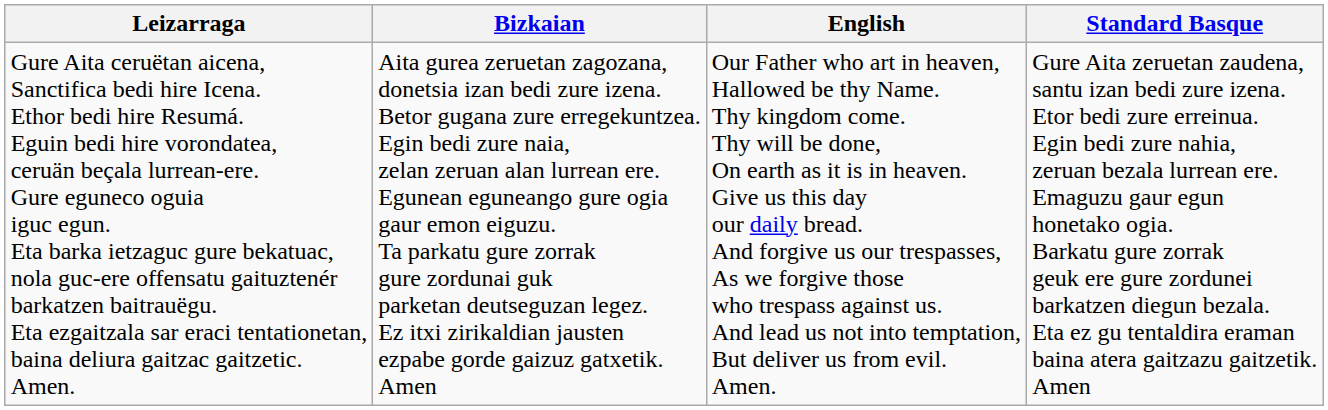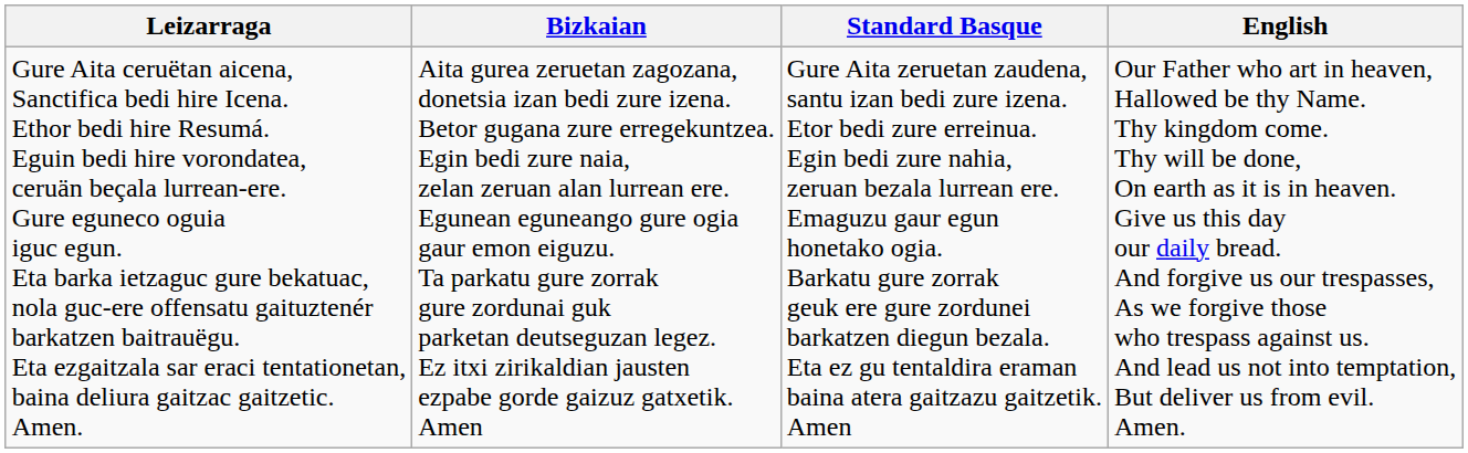 <table class="wikitable" style="margin: 1em auto 1em auto" style="font-size:95%;">
 <tr>
 <th>Leizarraga</th>
 <th><a href='#'>Bizkaian</a></th>
+<th><a href='#'>Standard Basque</a></th>
 <th>English</th>
-<th><a href='#'>Standard Basque</a></th>
 </tr>
 <tr>
 <td>Gure Aita ceruëtan aicena,<br>Sanctifica bedi hire Icena.<br>Ethor bedi hire Resumá.<br>Eguin bedi hire vorondatea,<br> ceruän beçala lurrean-ere.<br>Gure eguneco oguia<br> iguc egun.<br>Eta barka ietzaguc gure bekatuac,<br>nola guc-ere offensatu gaituztenér<br>barkatzen baitrauëgu.<br>Eta ezgaitzala sar eraci tentationetan,<br>baina deliura gaitzac gaitzetic.<br>Amen.</td>
 <td>Aita gurea zeruetan zagozana,<br>donetsia izan bedi zure izena.<br>Betor gugana zure erregekuntzea.<br>Egin bedi zure naia,<br>zelan zeruan alan lurrean ere.<br>Egunean eguneango gure ogia<br> gaur emon eiguzu.<br>Ta parkatu gure zorrak<br>gure zordunai guk<br>parketan deutseguzan legez.<br>Ez itxi zirikaldian jausten<br>ezpabe gorde gaizuz gatxetik.<br> Amen</td>
+<td>Gure Aita zeruetan zaudena,<br>santu izan bedi zure izena.<br>Etor bedi zure erreinua.<br>Egin bedi zure nahia,<br>zeruan bezala lurrean ere.<br>Emaguzu gaur egun<br> honetako ogia.<br>Barkatu gure zorrak<br>geuk ere gure zordunei<br>barkatzen diegun bezala.<br>Eta ez gu tentaldira eraman<br>baina atera gaitzazu gaitzetik.<br> Amen</td>
 <td>Our Father who art in heaven,<br>Hallowed be thy Name.<br>Thy kingdom come.<br>Thy will be done,<br>On earth as it is in heaven.<br>Give us this day<br> our <a href='#'>daily</a> bread.<br>And forgive us our trespasses,<br>As we forgive those <br>who trespass against us.<br>And lead us not into temptation,<br>But deliver us from evil.<br>Amen.</td>
-<td>Gure Aita zeruetan zaudena,<br>santu izan bedi zure izena.<br>Etor bedi zure erreinua.<br>Egin bedi zure nahia,<br>zeruan bezala lurrean ere.<br>Emaguzu gaur egun<br> honetako ogia.<br>Barkatu gure zorrak<br>geuk ere gure zordunei<br>barkatzen diegun bezala.<br>Eta ez gu tentaldira eraman<br>baina atera gaitzazu gaitzetik.<br> Amen</td>
 </tr>
 </table>
